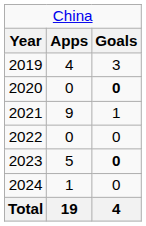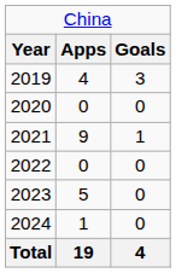 <table class="wikitable" style="text-align:center">
 <tr>
 <td colspan=4><a href='#'>China</a></td>
 </tr>
 <tr>
 <th>Year</th>
 <th>Apps</th>
 <th>Goals</th>
 </tr>
 <tr>
 <td>2019</td>
 <td>4</td>
 <td>3</td>
 </tr>
 <tr>
 <td>2020</td>
 <td>0</td>
-<td><strong>0</strong></td>
+<td>0</td>
 </tr>
 <tr>
 <td>2021</td>
 <td>9</td>
 <td>1</td>
 </tr>
 <tr>
 <td>2022</td>
 <td>0</td>
 <td>0</td>
 </tr>
 <tr>
 <td>2023</td>
 <td>5</td>
-<td><strong>0</strong></td>
+<td>0</td>
 </tr>
 <tr>
 <td>2024</td>
 <td>1</td>
 <td>0</td>
 </tr>
 <tr>
 <th>Total</th>
 <th>19</th>
 <th>4</th>
 </tr>
 </table>
